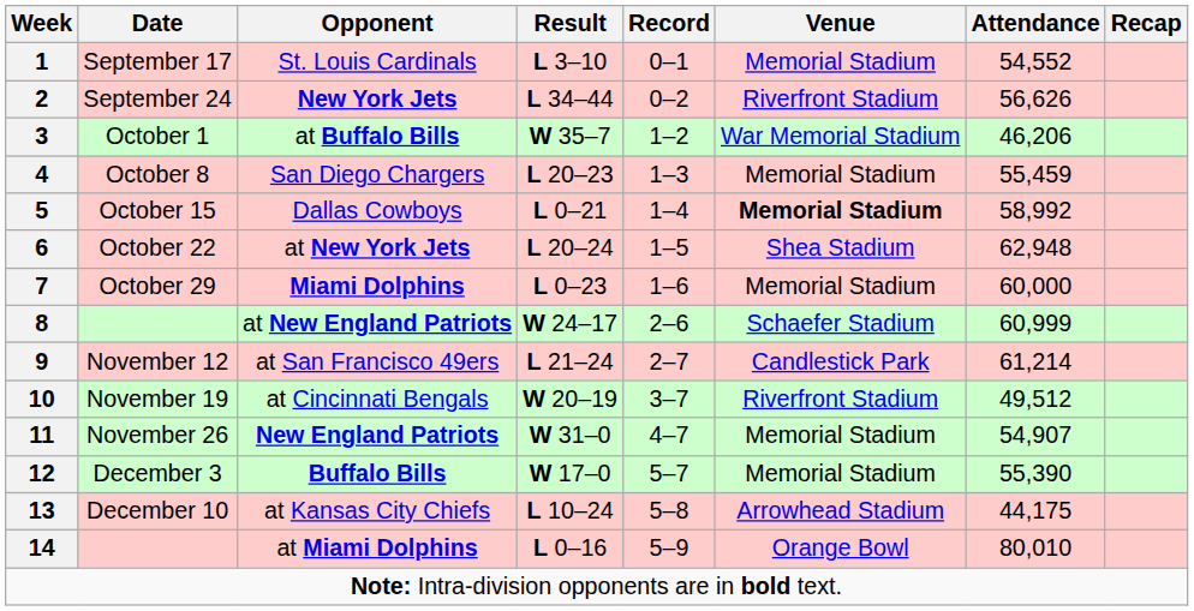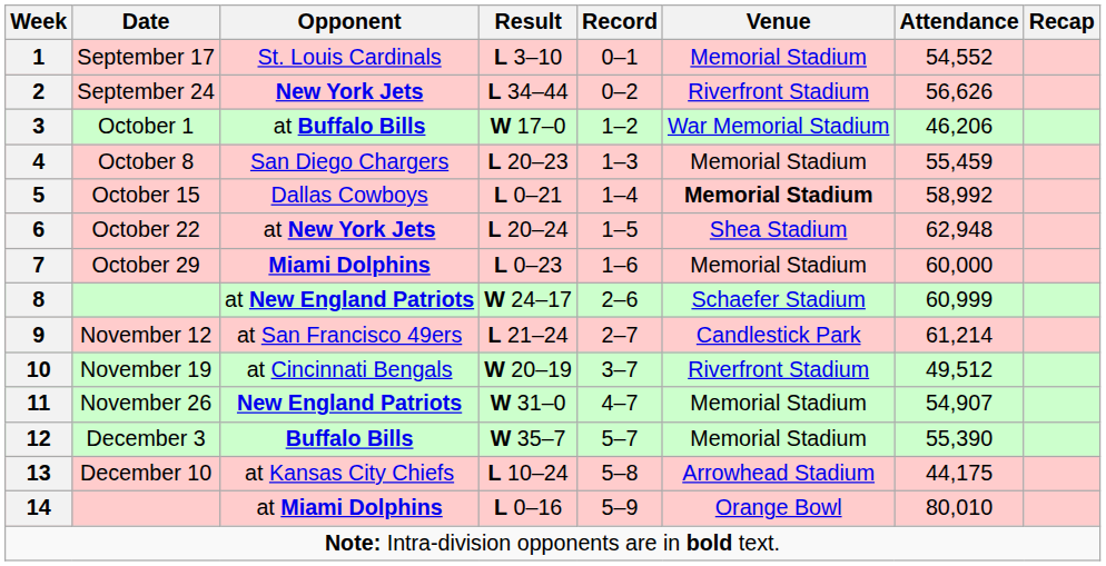 <table class="wikitable" style="text-align:center">
 <tr>
 <th>Week</th>
 <th>Date</th>
 <th>Opponent</th>
 <th>Result</th>
 <th>Record</th>
 <th>Venue</th>
 <th>Attendance</th>
 <th>Recap</th>
 </tr>
 <tr style="background:#fcc">
 <th>1</th>
 <td>September 17</td>
 <td><a href='#'>St. Louis Cardinals</a></td>
 <td><strong>L</strong> 3–10</td>
 <td>0–1</td>
 <td><a href='#'>Memorial Stadium</a></td>
 <td>54,552</td>
 <td></td>
 </tr>
 <tr style="background:#fcc">
 <th>2</th>
 <td>September 24</td>
 <td><strong><a href='#'>New York Jets</a></strong></td>
 <td><strong>L</strong> 34–44</td>
 <td>0–2</td>
 <td><a href='#'>Riverfront Stadium</a></td>
 <td>56,626</td>
 <td></td>
 </tr>
 <tr style="background:#cfc">
 <th>3</th>
 <td>October 1</td>
 <td>at <strong><a href='#'>Buffalo Bills</a></strong></td>
-<td><strong>W</strong> 35–7</td>
+<td><strong>W</strong> 17–0</td>
 <td>1–2</td>
 <td><a href='#'>War Memorial Stadium</a></td>
 <td>46,206</td>
 <td></td>
 </tr>
 <tr style="background:#fcc">
 <th>4</th>
 <td>October 8</td>
 <td><a href='#'>San Diego Chargers</a></td>
 <td><strong>L</strong> 20–23</td>
 <td>1–3</td>
 <td>Memorial Stadium</td>
 <td>55,459</td>
 <td></td>
 </tr>
 <tr style="background:#fcc">
 <th>5</th>
 <td>October 15</td>
 <td><a href='#'>Dallas Cowboys</a></td>
 <td><strong>L</strong> 0–21</td>
 <td>1–4</td>
 <td><strong>Memorial Stadium</strong></td>
 <td>58,992</td>
 <td></td>
 </tr>
 <tr style="background:#fcc">
 <th>6</th>
 <td>October 22</td>
 <td>at <strong><a href='#'>New York Jets</a></strong></td>
 <td><strong>L</strong> 20–24</td>
 <td>1–5</td>
 <td><a href='#'>Shea Stadium</a></td>
 <td>62,948</td>
 <td></td>
 </tr>
 <tr style="background:#fcc">
 <th>7</th>
 <td>October 29</td>
 <td><strong><a href='#'>Miami Dolphins</a></strong></td>
 <td><strong>L</strong> 0–23</td>
 <td>1–6</td>
 <td>Memorial Stadium</td>
 <td>60,000</td>
 <td></td>
 </tr>
 <tr style="background:#cfc">
 <th>8</th>
 <td></td>
 <td>at <strong><a href='#'>New England Patriots</a></strong></td>
 <td><strong>W</strong> 24–17</td>
 <td>2–6</td>
 <td><a href='#'>Schaefer Stadium</a></td>
 <td>60,999</td>
 <td></td>
 </tr>
 <tr style="background:#fcc">
 <th>9</th>
 <td>November 12</td>
 <td>at <a href='#'>San Francisco 49ers</a></td>
 <td><strong>L</strong> 21–24</td>
 <td>2–7</td>
 <td><a href='#'>Candlestick Park</a></td>
 <td>61,214</td>
 <td></td>
 </tr>
 <tr style="background:#cfc">
 <th>10</th>
 <td>November 19</td>
 <td>at <a href='#'>Cincinnati Bengals</a></td>
 <td><strong>W</strong> 20–19</td>
 <td>3–7</td>
 <td><a href='#'>Riverfront Stadium</a></td>
 <td>49,512</td>
 <td></td>
 </tr>
 <tr style="background:#cfc">
 <th>11</th>
 <td>November 26</td>
 <td><strong><a href='#'>New England Patriots</a></strong></td>
 <td><strong>W</strong> 31–0</td>
 <td>4–7</td>
 <td>Memorial Stadium</td>
 <td>54,907</td>
 <td></td>
 </tr>
 <tr style="background:#cfc">
 <th>12</th>
 <td>December 3</td>
 <td><strong><a href='#'>Buffalo Bills</a></strong></td>
-<td><strong>W</strong> 17–0</td>
+<td><strong>W</strong> 35–7</td>
 <td>5–7</td>
 <td>Memorial Stadium</td>
 <td>55,390</td>
 <td></td>
 </tr>
 <tr style="background:#fcc">
 <th>13</th>
 <td>December 10</td>
 <td>at <a href='#'>Kansas City Chiefs</a></td>
 <td><strong>L</strong> 10–24</td>
 <td>5–8</td>
 <td><a href='#'>Arrowhead Stadium</a></td>
 <td>44,175</td>
 <td></td>
 </tr>
 <tr style="background:#fcc">
 <th>14</th>
 <td></td>
 <td>at <strong><a href='#'>Miami Dolphins</a></strong></td>
 <td><strong>L</strong> 0–16</td>
 <td>5–9</td>
 <td><a href='#'>Orange Bowl</a></td>
 <td>80,010</td>
 <td></td>
 </tr>
 <tr>
 <td colspan="8"><strong>Note:</strong> Intra-division opponents are in <strong>bold</strong> text.</td>
 </tr>
 </table>
